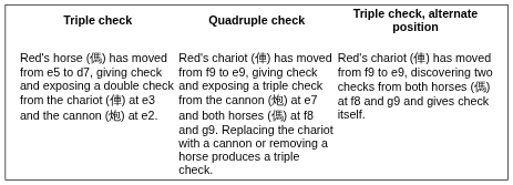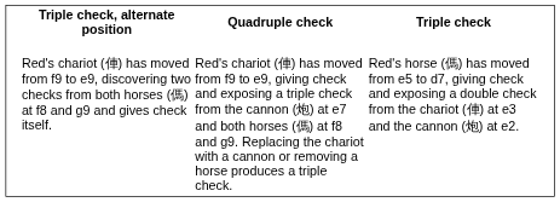 <table style="margin-left:auto; margin-right:auto; padding:0 16px; border:1px solid #000;">
 <tr>
+<th style="width:210px; text-align:center;">Triple check, alternate position</th>
+<th style="width:210px; text-align:center;">Quadruple check</th>
 <th style="width:210px; text-align:center;">Triple check</th>
-<th style="width:210px; text-align:center;">Quadruple check</th>
-<th style="width:210px; text-align:center;">Triple check, alternate position</th>
 </tr>
 <tr>
+<td style="vertical-align:top;"><br> Red's chariot (俥) has moved from f9 to e9, discovering two checks from both horses (傌) at f8 and g9 and gives check itself.</td>
+<td style="vertical-align:top;"><br> Red's chariot (俥) has moved from f9 to e9, giving check and exposing a triple check from the cannon (炮) at e7 and both horses (傌) at f8 and g9. Replacing the chariot with a cannon or removing a horse produces a triple check.</td>
 <td style="vertical-align:top;"><br> Red's horse (傌) has moved from e5 to d7, giving check and exposing a double check from the chariot (俥) at e3 and the cannon (炮) at e2.</td>
-<td style="vertical-align:top;"><br> Red's chariot (俥) has moved from f9 to e9, giving check and exposing a triple check from the cannon (炮) at e7 and both horses (傌) at f8 and g9. Replacing the chariot with a cannon or removing a horse produces a triple check.</td>
-<td style="vertical-align:top;"><br> Red's chariot (俥) has moved from f9 to e9, discovering two checks from both horses (傌) at f8 and g9 and gives check itself.</td>
 </tr>
 </table>
